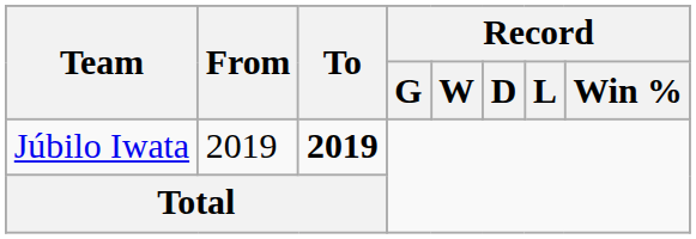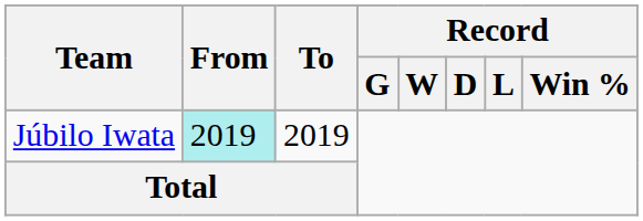 <table class="wikitable" style="text-align: center">
 <tr>
 <th rowspan="2">Team</th>
 <th rowspan="2">From</th>
 <th rowspan="2">To</th>
 <th colspan="5">Record</th>
 </tr>
 <tr>
 <th>G</th>
 <th>W</th>
 <th>D</th>
 <th>L</th>
 <th>Win %</th>
 </tr>
 <tr>
 <td align="left"><a href='#'>Júbilo Iwata</a></td>
-<td align="left">2019</td>
-<td align="left"><strong>2019<br></strong></td>
+<td align="left" style="background: paleturquoise;">2019</td>
+<td align="left">2019<br></td>
 </tr>
 <tr>
 <th colspan="3">Total<br></th>
 </tr>
 </table>
